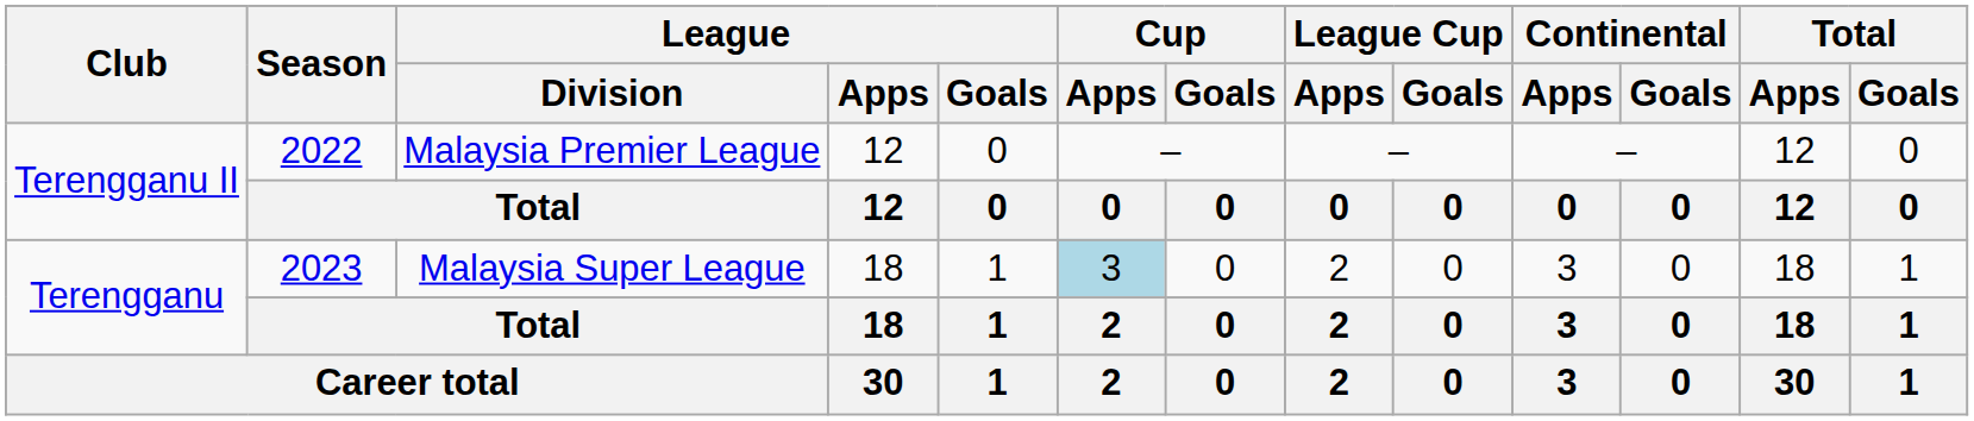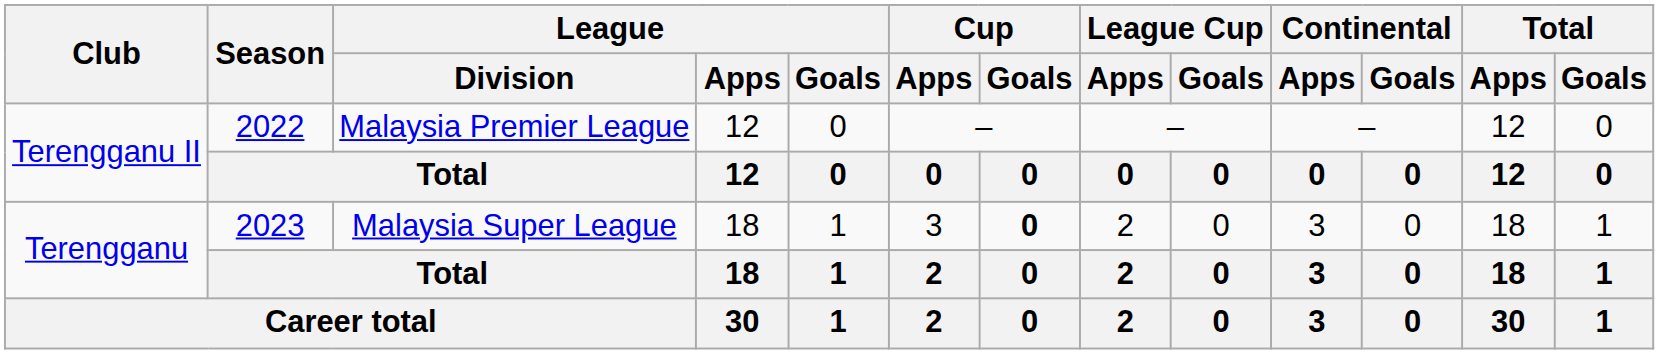 <table class="wikitable" style="text-align: center;">
 <tr>
 <th rowspan="2">Club</th>
 <th rowspan="2">Season</th>
 <th colspan="3">League</th>
 <th colspan="2">Cup</th>
 <th colspan="2">League Cup</th>
 <th colspan="2">Continental</th>
 <th colspan="2">Total</th>
 </tr>
 <tr>
 <th>Division</th>
 <th>Apps</th>
 <th>Goals</th>
 <th>Apps</th>
 <th>Goals</th>
 <th>Apps</th>
 <th>Goals</th>
 <th>Apps</th>
 <th>Goals</th>
 <th>Apps</th>
 <th>Goals</th>
 </tr>
 <tr>
 <td rowspan="2" valign="center"><a href='#'>Terengganu II</a></td>
 <td><a href='#'>2022</a></td>
 <td><a href='#'>Malaysia Premier League</a></td>
 <td>12</td>
 <td>0</td>
 <td colspan="2">–</td>
 <td colspan="2">–</td>
 <td colspan="2">–</td>
 <td>12</td>
 <td>0</td>
 </tr>
 <tr>
 <th colspan=2>Total</th>
 <th>12</th>
 <th>0</th>
 <th>0</th>
 <th>0</th>
 <th>0</th>
 <th>0</th>
 <th>0</th>
 <th>0</th>
 <th>12</th>
 <th>0</th>
 </tr>
 <tr>
 <td rowspan="2" valign="center"><a href='#'>Terengganu</a></td>
 <td><a href='#'>2023</a></td>
 <td><a href='#'>Malaysia Super League</a></td>
 <td>18</td>
 <td>1</td>
-<td style="background: lightblue;">3</td>
-<td>0</td>
+<td>3</td>
+<td><strong>0</strong></td>
 <td>2</td>
 <td>0</td>
 <td>3</td>
 <td>0</td>
 <td>18</td>
 <td>1</td>
 </tr>
 <tr>
 <th colspan=2>Total</th>
 <th>18</th>
 <th>1</th>
 <th>2</th>
 <th>0</th>
 <th>2</th>
 <th>0</th>
 <th>3</th>
 <th>0</th>
 <th>18</th>
 <th>1</th>
 </tr>
 <tr>
 <th colspan=3>Career total</th>
 <th>30</th>
 <th>1</th>
 <th>2</th>
 <th>0</th>
 <th>2</th>
 <th>0</th>
 <th>3</th>
 <th>0</th>
 <th>30</th>
 <th>1</th>
 </tr>
 </table>
